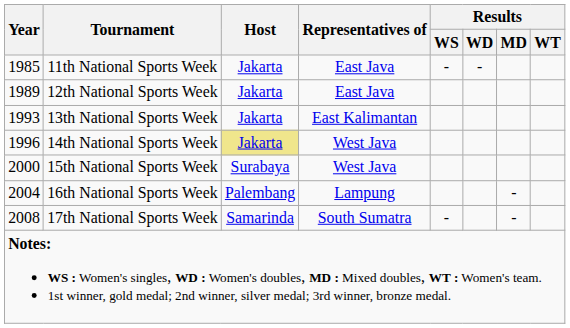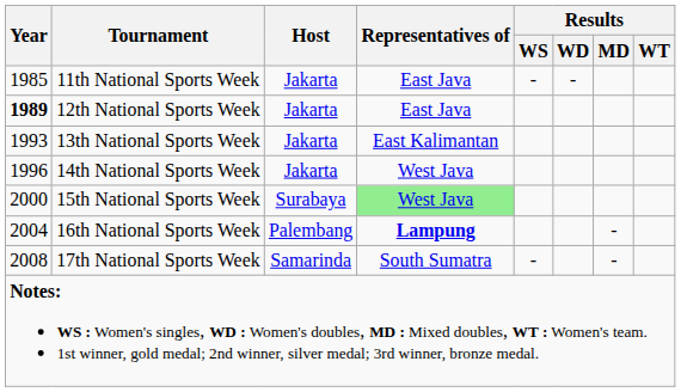 <table class="wikitable">
 <tr>
 <th rowspan="2">Year</th>
 <th rowspan="2">Tournament</th>
 <th rowspan="2">Host</th>
 <th rowspan="2">Representatives of</th>
 <th colspan="4">Results</th>
 </tr>
 <tr>
 <th>WS</th>
 <th>WD</th>
 <th>MD</th>
 <th>WT</th>
 </tr>
 <tr>
 <td align="center">1985</td>
 <td align="center">11th National Sports Week</td>
 <td align="center"><a href='#'>Jakarta</a></td>
 <td align="center"><a href='#'>East Java</a></td>
 <td align="center">-</td>
 <td align="center">-</td>
 <td align="center"></td>
 <td align="center"></td>
 </tr>
 <tr>
-<td align="center">1989</td>
+<td align="center"><strong>1989</strong></td>
 <td align="center">12th National Sports Week</td>
 <td align="center"><a href='#'>Jakarta</a></td>
 <td align="center"><a href='#'>East Java</a></td>
 <td align="center"></td>
 <td align="center"></td>
 <td align="center"></td>
 <td align="center"></td>
 </tr>
 <tr>
 <td align="center">1993</td>
 <td align="center">13th National Sports Week</td>
 <td align="center"><a href='#'>Jakarta</a></td>
 <td align="center"><a href='#'>East Kalimantan</a></td>
 <td align="center"></td>
 <td align="center"></td>
 <td align="center"></td>
 <td align="center"></td>
 </tr>
 <tr>
 <td align="center">1996</td>
 <td align="center">14th National Sports Week</td>
-<td align="center" style="background: khaki;"><a href='#'>Jakarta</a></td>
+<td align="center"><a href='#'>Jakarta</a></td>
 <td align="center"><a href='#'>West Java</a></td>
 <td align="center"></td>
 <td align="center"></td>
 <td align="center"></td>
 <td align="center"></td>
 </tr>
 <tr>
 <td align="center">2000</td>
 <td align="center">15th National Sports Week</td>
 <td align="center"><a href='#'>Surabaya</a></td>
-<td align="center"><a href='#'>West Java</a></td>
+<td align="center" style="background: lightgreen;"><a href='#'>West Java</a></td>
 <td align="center"></td>
 <td align="center"></td>
 <td align="center"></td>
 <td align="center"></td>
 </tr>
 <tr>
 <td align="center">2004</td>
 <td align="center">16th National Sports Week</td>
 <td align="center"><a href='#'>Palembang</a></td>
-<td align="center"><a href='#'>Lampung</a></td>
+<td align="center"><strong><a href='#'>Lampung</a></strong></td>
 <td align="center"></td>
 <td align="center"></td>
 <td align="center">-</td>
 <td align="center"></td>
 </tr>
 <tr>
 <td align="center">2008</td>
 <td align="center">17th National Sports Week</td>
 <td align="center"><a href='#'>Samarinda</a></td>
 <td align="center"><a href='#'>South Sumatra</a></td>
 <td align="center">-</td>
 <td align="center"></td>
 <td align="center">-</td>
 <td align="center"></td>
 </tr>
 <tr>
 <td colspan="8"><strong>Notes:</strong><br><ul><li><small> <strong>WS :</strong> Women's singles</small>, <small><strong>WD :</strong> Women's doubles</small>, <small><strong>MD :</strong> Mixed doubles</small>, <small><strong>WT :</strong> Women's team.</small></li><li><small>  1st winner, gold medal;  2nd winner, silver medal;  3rd winner, bronze medal.</small></li></ul></td>
 </tr>
 </table>
